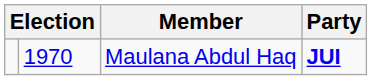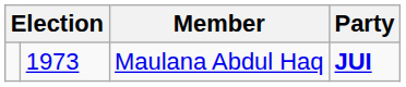 <table class="wikitable">
 <tr>
 <th colspan="2">Election</th>
 <th>Member</th>
 <th>Party</th>
 </tr>
 <tr>
 <td style="background-color: "></td>
-<td><a href='#'>1970</a></td>
+<td><a href='#'>1973</a></td>
 <td><a href='#'>Maulana Abdul Haq</a></td>
 <td><strong><a href='#'>JUI</a></strong></td>
 </tr>
 </table>
